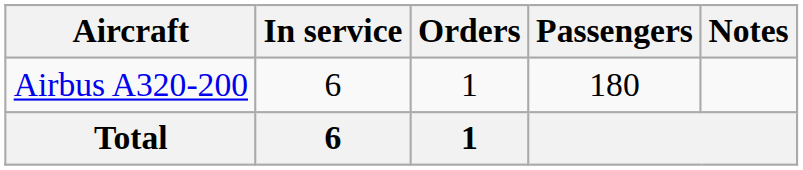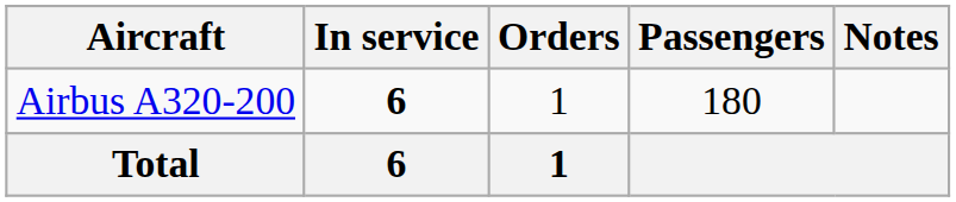 <table class="wikitable" style="border-collapse:collapse;text-align:center;margin:auto;">
 <tr>
 <th>Aircraft</th>
 <th>In service</th>
 <th>Orders</th>
 <th>Passengers</th>
 <th>Notes</th>
 </tr>
 <tr>
 <td><a href='#'>Airbus A320-200</a></td>
-<td>6</td>
+<td><strong>6</strong></td>
 <td>1</td>
 <td>180</td>
 <td></td>
 </tr>
 <tr>
 <th>Total</th>
 <th>6</th>
 <th>1</th>
 <th colspan="2"></th>
 </tr>
 </table>
